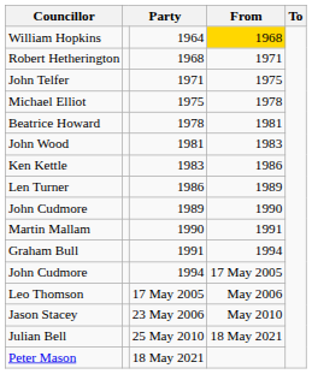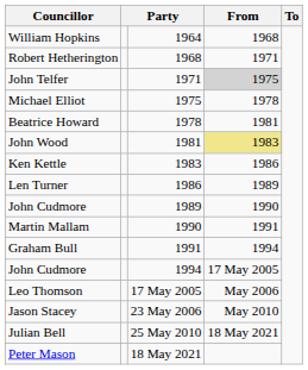 <table class=wikitable>
 <tr>
 <th>Councillor</th>
 <th colspan=2>Party</th>
 <th>From</th>
 <th>To</th>
 </tr>
 <tr>
 <td>William Hopkins</td>
 <td></td>
 <td align=right>1964</td>
-<td align=right style="background: gold;">1968</td>
+<td align=right>1968</td>
 </tr>
 <tr>
 <td>Robert Hetherington</td>
 <td></td>
 <td align=right>1968</td>
 <td align=right>1971</td>
 </tr>
 <tr>
 <td>John Telfer</td>
 <td></td>
 <td align=right>1971</td>
-<td align=right>1975</td>
+<td align=right style="background: lightgrey;">1975</td>
 </tr>
 <tr>
 <td>Michael Elliot</td>
 <td></td>
 <td align=right>1975</td>
 <td align=right>1978</td>
 </tr>
 <tr>
 <td>Beatrice Howard</td>
 <td></td>
 <td align=right>1978</td>
 <td align=right>1981</td>
 </tr>
 <tr>
 <td>John Wood</td>
 <td></td>
 <td align=right>1981</td>
-<td align=right>1983</td>
+<td align=right style="background: khaki;">1983</td>
 </tr>
 <tr>
 <td>Ken Kettle</td>
 <td></td>
 <td align=right>1983</td>
 <td align=right>1986</td>
 </tr>
 <tr>
 <td>Len Turner</td>
 <td></td>
 <td align=right>1986</td>
 <td align=right>1989</td>
 </tr>
 <tr>
 <td>John Cudmore</td>
 <td></td>
 <td align=right>1989</td>
 <td align=right>1990</td>
 </tr>
 <tr>
 <td>Martin Mallam</td>
 <td></td>
 <td align=right>1990</td>
 <td align=right>1991</td>
 </tr>
 <tr>
 <td>Graham Bull</td>
 <td></td>
 <td align=right>1991</td>
 <td align=right>1994</td>
 </tr>
 <tr>
 <td>John Cudmore</td>
 <td></td>
 <td align=right>1994</td>
 <td align=right>17 May 2005</td>
 </tr>
 <tr>
 <td>Leo Thomson</td>
 <td></td>
 <td align=right>17 May 2005</td>
 <td align=right>May 2006</td>
 </tr>
 <tr>
 <td>Jason Stacey</td>
 <td></td>
 <td align=right>23 May 2006</td>
 <td align=right>May 2010</td>
 </tr>
 <tr>
 <td>Julian Bell</td>
 <td></td>
 <td align=right>25 May 2010</td>
 <td align=right>18 May 2021</td>
 </tr>
 <tr>
 <td><a href='#'>Peter Mason</a></td>
 <td></td>
 <td align=right>18 May 2021</td>
 <td></td>
 </tr>
 </table>
